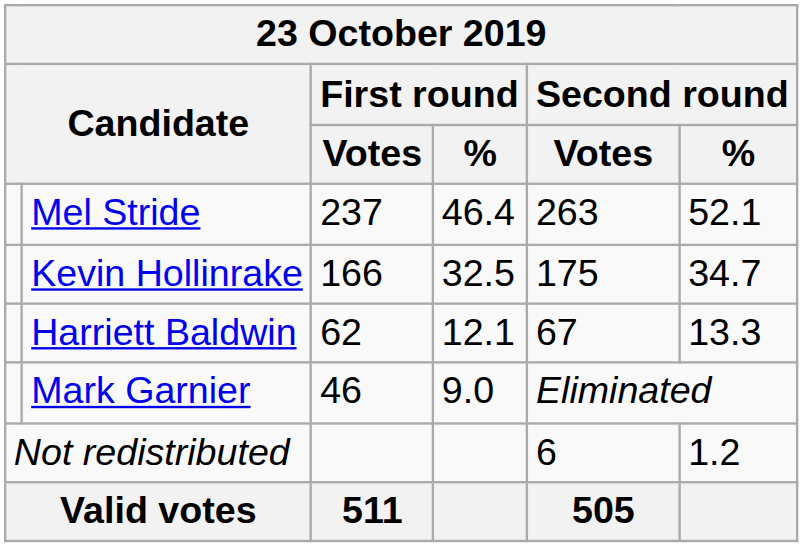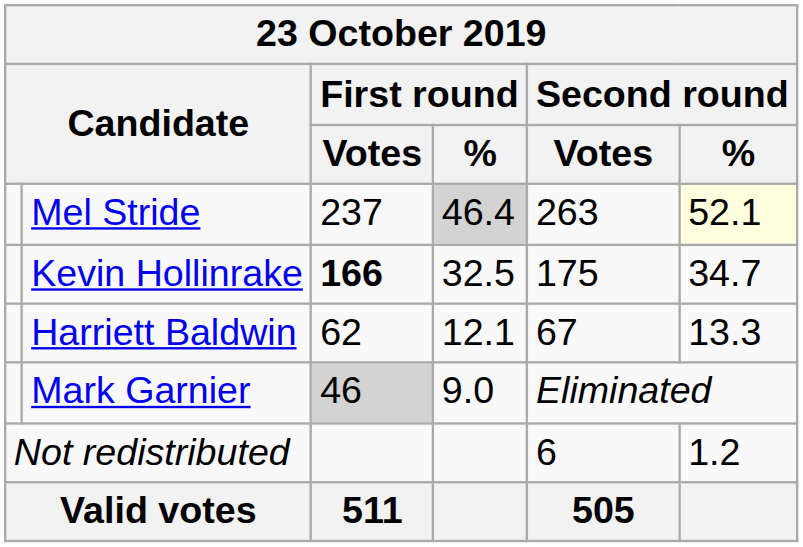 <table class="wikitable">
 <tr>
 <th colspan="6">23 October 2019</th>
 </tr>
 <tr>
 <th colspan="2" rowspan="2"><strong>Candidate</strong></th>
 <th colspan="2"><strong>First round</strong></th>
 <th colspan="2"><strong>Second round</strong></th>
 </tr>
 <tr>
 <th><strong>Votes</strong></th>
 <th><strong>%</strong></th>
 <th><strong>Votes</strong></th>
 <th><strong>%</strong></th>
 </tr>
 <tr>
 <td style="color:inherit;background-color: "></td>
 <td><a href='#'>Mel Stride</a></td>
 <td>237</td>
-<td>46.4</td>
+<td style="background: lightgrey;">46.4</td>
 <td>263</td>
-<td>52.1</td>
+<td style="background: lightyellow;">52.1</td>
 </tr>
 <tr>
 <td style="color:inherit;background-color: "></td>
 <td><a href='#'>Kevin Hollinrake</a></td>
-<td>166</td>
+<td><strong>166</strong></td>
 <td>32.5</td>
 <td>175</td>
 <td>34.7</td>
 </tr>
 <tr>
 <td style="color:inherit;background-color: "></td>
 <td><a href='#'>Harriett Baldwin</a></td>
 <td>62</td>
 <td>12.1</td>
 <td>67</td>
 <td>13.3</td>
 </tr>
 <tr>
 <td style="color:inherit;background-color: "></td>
 <td><a href='#'>Mark Garnier</a></td>
-<td>46</td>
+<td style="background: lightgrey;">46</td>
 <td>9.0</td>
 <td colspan="2"><em>Eliminated</em></td>
 </tr>
 <tr>
 <td colspan="2"><em>Not redistributed</em></td>
 <td></td>
 <td></td>
 <td>6</td>
 <td>1.2</td>
 </tr>
 <tr>
 <th colspan="2"><strong>Valid votes</strong></th>
 <th>511</th>
 <th></th>
 <th>505</th>
 <th></th>
 </tr>
 </table>
